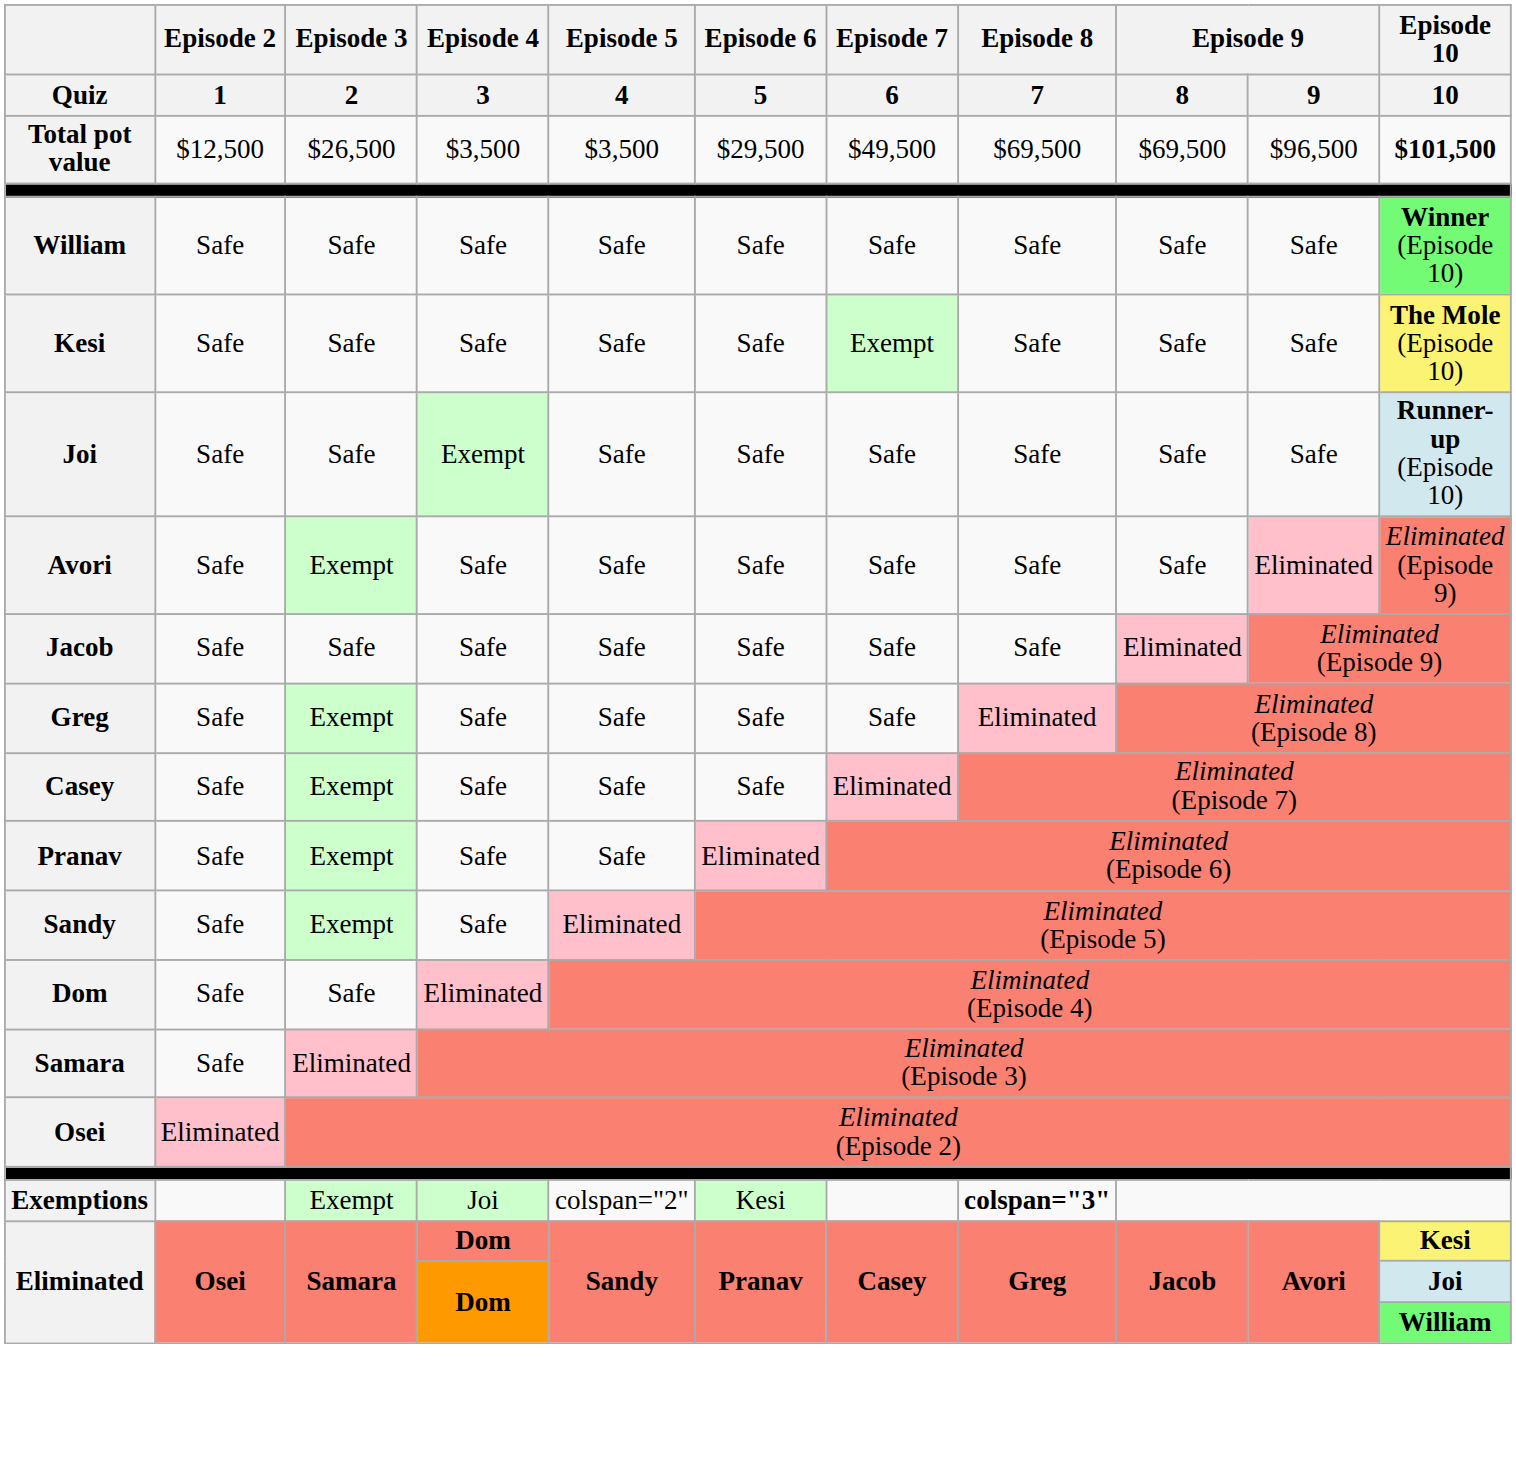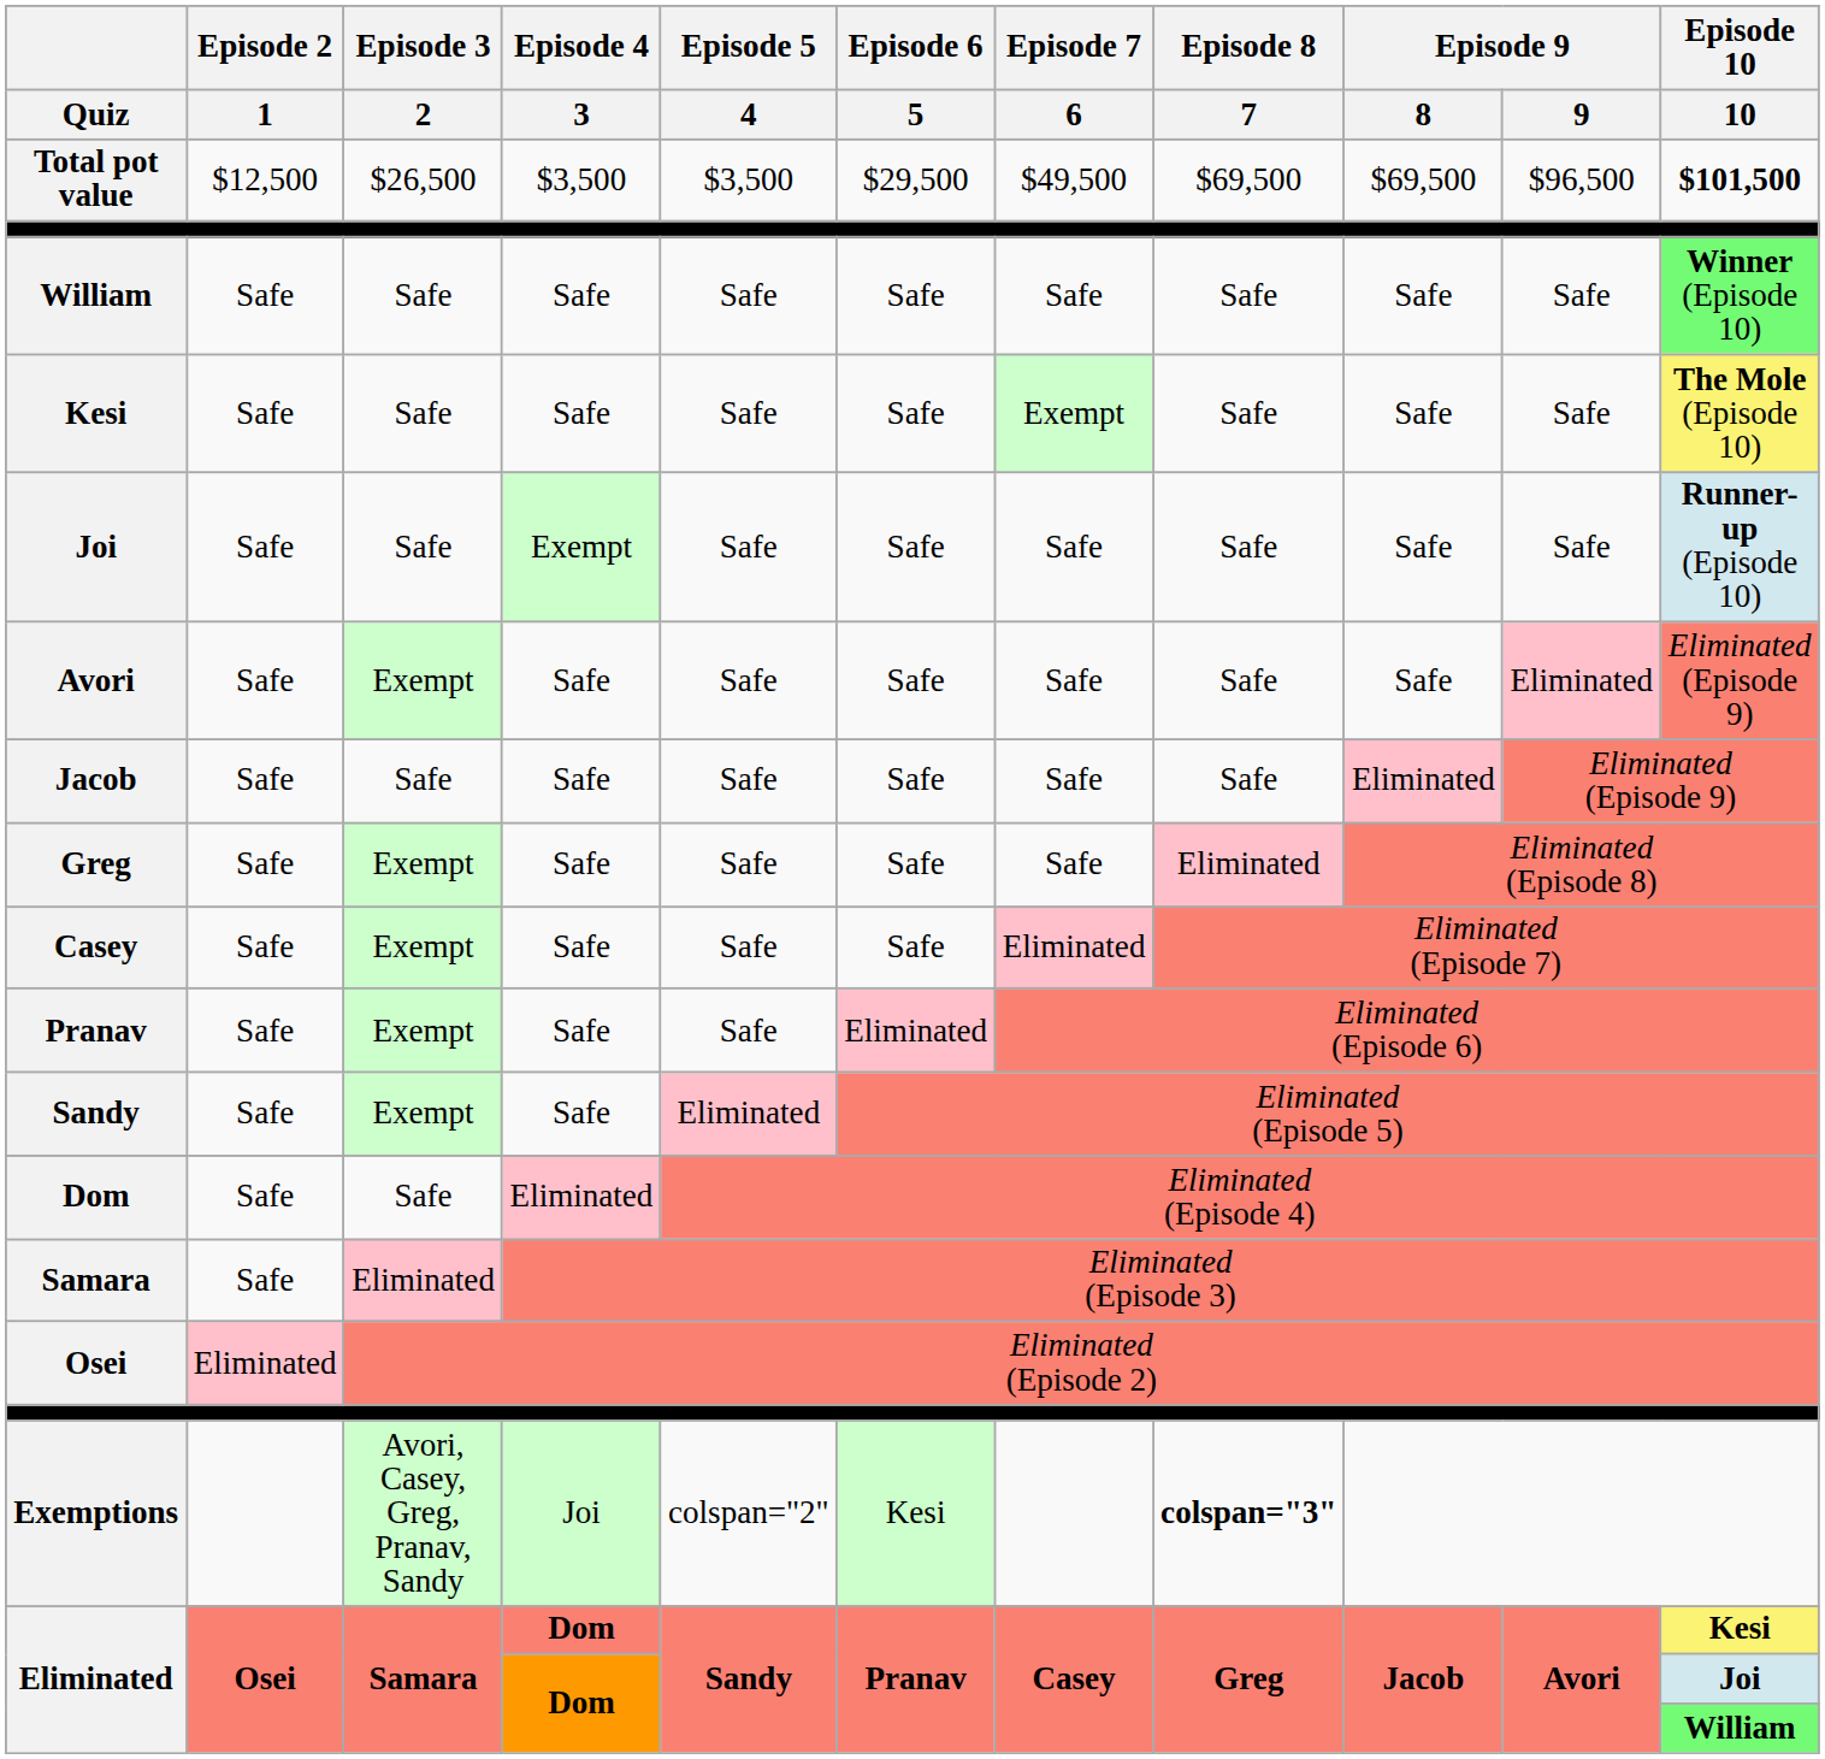 <table class="wikitable"  style="text-align:center; width:100%; font-size:90%; line-height:15px;">
 <tr>
 <th></th>
 <th>Episode 2</th>
 <th>Episode 3</th>
 <th>Episode 4</th>
 <th>Episode 5</th>
 <th>Episode 6</th>
 <th>Episode 7</th>
 <th>Episode 8</th>
 <th colspan="2">Episode 9</th>
 <th>Episode 10 <br> </th>
 </tr>
 <tr>
 <th>Quiz</th>
 <th>1</th>
 <th>2</th>
 <th>3</th>
 <th>4</th>
 <th>5</th>
 <th>6</th>
 <th>7</th>
 <th>8</th>
 <th>9</th>
 <th>10</th>
 </tr>
 <tr>
 <th>Total pot value</th>
 <td>$12,500</td>
 <td>$26,500</td>
 <td>$3,500</td>
 <td>$3,500</td>
 <td>$29,500</td>
 <td>$49,500</td>
 <td>$69,500</td>
 <td>$69,500</td>
 <td>$96,500</td>
 <td><strong>$101,500</strong></td>
 </tr>
 <tr>
 <td colspan="11" bgcolor="black"></td>
 </tr>
 <tr>
 <th>William</th>
 <td>Safe</td>
 <td>Safe</td>
 <td>Safe</td>
 <td>Safe</td>
 <td>Safe</td>
 <td>Safe</td>
 <td>Safe</td>
 <td>Safe</td>
 <td>Safe</td>
 <td style="background:#73fb76;"><strong>Winner</strong><br>(Episode 10)</td>
 </tr>
 <tr>
 <th>Kesi</th>
 <td>Safe</td>
 <td>Safe</td>
 <td>Safe</td>
 <td>Safe</td>
 <td>Safe</td>
 <td style="background:#ccffcc;">Exempt</td>
 <td>Safe</td>
 <td>Safe</td>
 <td>Safe</td>
 <td style="background:#fbf373;"><strong>The Mole</strong><br>(Episode 10)</td>
 </tr>
 <tr>
 <th>Joi</th>
 <td>Safe</td>
 <td>Safe</td>
 <td style="background:#ccffcc;">Exempt</td>
 <td>Safe</td>
 <td>Safe</td>
 <td>Safe</td>
 <td>Safe</td>
 <td>Safe</td>
 <td>Safe</td>
 <td style="background:#d1e8ef;"><strong>Runner-up</strong> <br> (Episode 10)</td>
 </tr>
 <tr>
 <th>Avori</th>
 <td>Safe</td>
 <td style="background:#ccffcc">Exempt</td>
 <td>Safe</td>
 <td>Safe</td>
 <td>Safe</td>
 <td>Safe</td>
 <td>Safe</td>
 <td>Safe</td>
 <td style="background:pink">Eliminated</td>
 <td style="background:salmon"><em>Eliminated</em><br> (Episode 9)</td>
 </tr>
 <tr>
 <th>Jacob</th>
 <td>Safe</td>
 <td>Safe</td>
 <td>Safe</td>
 <td>Safe</td>
 <td>Safe</td>
 <td>Safe</td>
 <td>Safe</td>
 <td style="background:pink">Eliminated</td>
 <td colspan="2" style="background:salmon"><em>Eliminated</em><br> (Episode 9)</td>
 </tr>
 <tr>
 <th>Greg</th>
 <td>Safe</td>
 <td style="background:#ccffcc">Exempt</td>
 <td>Safe</td>
 <td>Safe</td>
 <td>Safe</td>
 <td>Safe</td>
 <td style="background:pink">Eliminated</td>
 <td colspan="3" style="background:salmon"><em>Eliminated</em><br> (Episode 8)</td>
 </tr>
 <tr>
 <th>Casey</th>
 <td>Safe</td>
 <td style="background:#ccffcc">Exempt</td>
 <td>Safe</td>
 <td>Safe</td>
 <td>Safe</td>
 <td style="background:pink">Eliminated</td>
 <td colspan="4" style="background:salmon"><em>Eliminated</em><br> (Episode 7)</td>
 </tr>
 <tr>
 <th>Pranav</th>
 <td>Safe</td>
 <td style="background:#ccffcc">Exempt</td>
 <td>Safe</td>
 <td>Safe</td>
 <td style="background:pink">Eliminated</td>
 <td colspan="5" style="background:salmon"><em>Eliminated</em><br> (Episode 6)</td>
 </tr>
 <tr>
 <th>Sandy</th>
 <td>Safe</td>
 <td style="background:#ccffcc">Exempt</td>
 <td>Safe</td>
 <td style="background:pink">Eliminated</td>
 <td colspan="6" style="background:salmon"><em>Eliminated</em><br> (Episode 5)</td>
 </tr>
 <tr>
 <th>Dom</th>
 <td>Safe</td>
 <td>Safe</td>
 <td style="background:pink">Eliminated</td>
 <td colspan="7" style="background:salmon"><em>Eliminated</em><br> (Episode 4)</td>
 </tr>
 <tr>
 <th>Samara</th>
 <td>Safe</td>
 <td style="background:pink">Eliminated</td>
 <td colspan="8" style="background:salmon"><em>Eliminated</em><br> (Episode 3)</td>
 </tr>
 <tr>
 <th>Osei</th>
 <td style="background:pink">Eliminated</td>
 <td colspan="9" style="background:salmon"><em>Eliminated</em><br> (Episode 2)</td>
 </tr>
 <tr>
 <td colspan="11" bgcolor="black"></td>
 </tr>
 <tr>
 <th>Exemptions</th>
 <td></td>
-<td style="background:#ccffcc">Exempt</td>
+<td style="background:#ccffcc">Avori, Casey, <br> Greg, Pranav, <br> Sandy</td>
 <td style="background:#ccffcc">Joi</td>
 <td>colspan="2" </td>
 <td style="background:#ccffcc">Kesi</td>
 <td></td>
 <td><strong>colspan="3" </strong></td>
 </tr>
 <tr>
 <th rowspan="3">Eliminated</th>
 <td rowspan="3" style="background:salmon;"><strong>Osei</strong><br></td>
 <td rowspan="3" style="background:salmon;"><strong>Samara</strong><br></td>
 <td style="background:salmon;"><strong>Dom</strong><br></td>
 <td rowspan="3" style="background:salmon;"><strong>Sandy</strong><br></td>
 <td rowspan="3" style="background:salmon;"><strong>Pranav</strong><br></td>
 <td rowspan="3" style="background:salmon;"><strong>Casey</strong><br></td>
 <td rowspan="3" style="background:salmon;"><strong>Greg</strong><br></td>
 <td rowspan="3" style="background:salmon;"><strong>Jacob</strong><br></td>
 <td rowspan="3" style="background:salmon;"><strong>Avori</strong><br></td>
 <td style="background:#fbf373;"><strong>Kesi</strong><br> </td>
 </tr>
 <tr>
 <td rowspan="2" style="background:#ff9900;"><strong>Dom</strong><br></td>
 <td style="background:#d1e8ef;"><strong>Joi</strong><br> </td>
 </tr>
 <tr>
 <td style="background:#73fb76;"><strong>William</strong><br> </td>
 </tr>
 </table>
